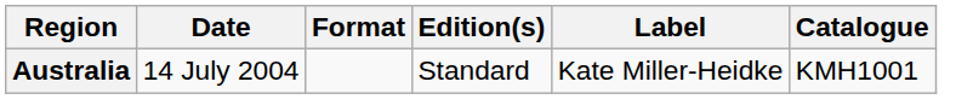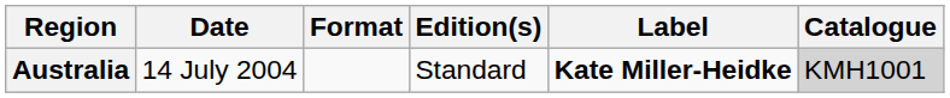 <table class="wikitable plainrowheaders">
 <tr>
 <th scope="col">Region</th>
 <th scope="col">Date</th>
 <th scope="col">Format</th>
 <th scope="col">Edition(s)</th>
 <th scope="col">Label</th>
 <th scope="col">Catalogue</th>
 </tr>
 <tr>
 <th>Australia</th>
 <td>14 July 2004</td>
 <td rowspan="2"></td>
 <td>Standard</td>
-<td>Kate Miller-Heidke</td>
-<td>KMH1001</td>
+<td><strong>Kate Miller-Heidke</strong></td>
+<td style="background: lightgrey;">KMH1001</td>
 </tr>
 </table>
